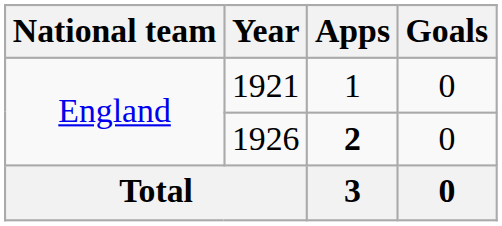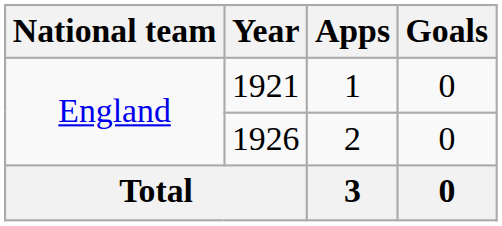 <table class="wikitable" style="text-align: center;">
 <tr>
 <th>National team</th>
 <th>Year</th>
 <th>Apps</th>
 <th>Goals</th>
 </tr>
 <tr>
 <td rowspan="2"><a href='#'>England</a></td>
 <td>1921</td>
 <td>1</td>
 <td>0</td>
 </tr>
 <tr>
 <td>1926</td>
-<td><strong>2</strong></td>
+<td>2</td>
 <td>0</td>
 </tr>
 <tr>
 <th colspan="2">Total</th>
 <th>3</th>
 <th>0</th>
 </tr>
 </table>
